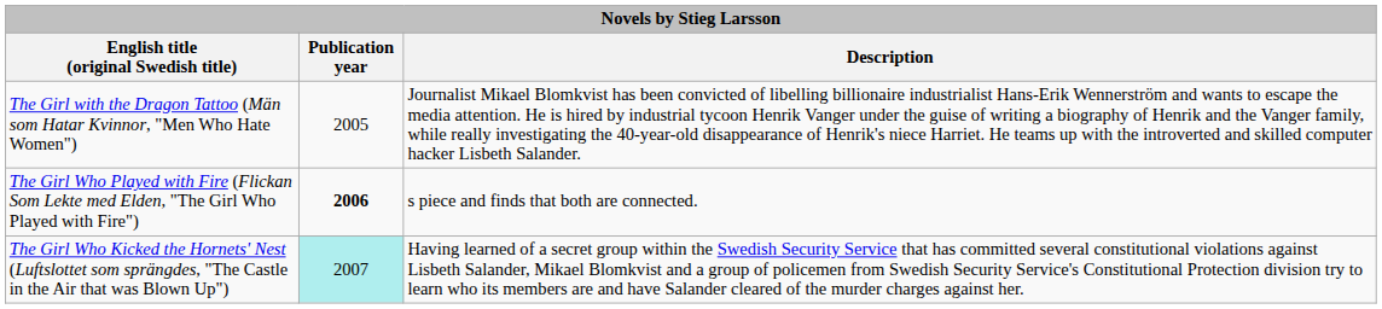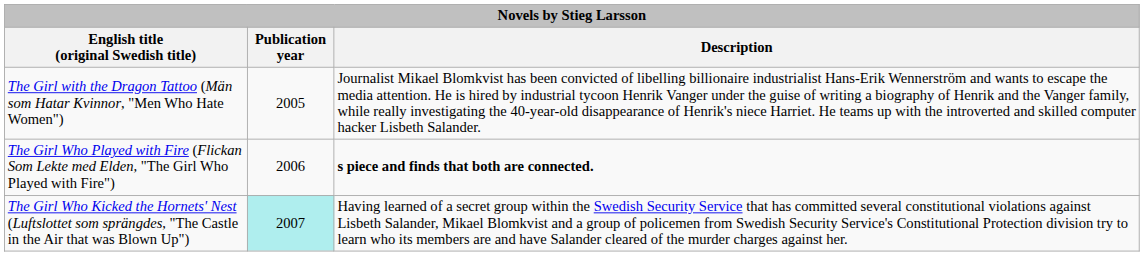 <table class="wikitable">
 <tr style="text-align:left;">
 <th colspan="3" style="background:#C0C0C0;">Novels by Stieg Larsson</th>
 </tr>
 <tr>
 <th>English title<br>(original Swedish title)</th>
 <th>Publication year</th>
 <th>Description</th>
 </tr>
 <tr>
 <td><em><a href='#'>The Girl with the Dragon Tattoo</a></em> (<em>Män som Hatar Kvinnor</em>, "Men Who Hate Women")</td>
 <td style="text-align:center">2005</td>
 <td>Journalist Mikael Blomkvist has been convicted of libelling billionaire industrialist Hans-Erik Wennerström and wants to escape the media attention. He is hired by industrial tycoon Henrik Vanger under the guise of writing a biography of Henrik and the Vanger family, while really investigating the 40-year-old disappearance of Henrik's niece Harriet. He teams up with the introverted and skilled computer hacker Lisbeth Salander.</td>
 </tr>
 <tr>
 <td><em><a href='#'>The Girl Who Played with Fire</a></em> (<em>Flickan Som Lekte med Elden,</em> "The Girl Who Played with Fire")</td>
-<td style="text-align:center"><strong>2006</strong></td>
-<td>s piece and finds that both are connected.</td>
+<td style="text-align:center">2006</td>
+<td><strong>s piece and finds that both are connected.</strong></td>
 </tr>
 <tr>
 <td><em><a href='#'>The Girl Who Kicked the Hornets' Nest</a></em> (<em>Luftslottet som sprängdes</em>, "The Castle in the Air that was Blown Up")</td>
 <td style="background: paleturquoise; text-align:center">2007</td>
 <td>Having learned of a secret group within the <a href='#'>Swedish Security Service</a> that has committed several constitutional violations against Lisbeth Salander, Mikael Blomkvist and a group of policemen from Swedish Security Service's Constitutional Protection division try to learn who its members are and have Salander cleared of the murder charges against her.</td>
 </tr>
 </table>
